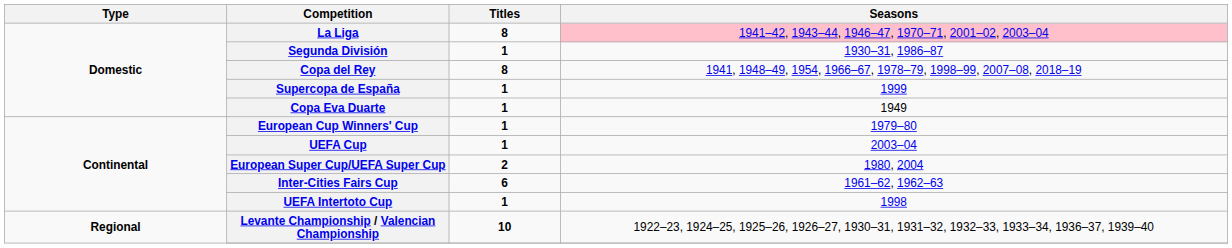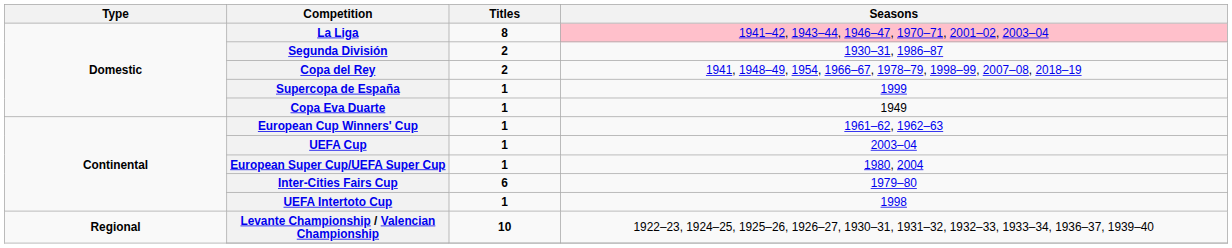 <table class="wikitable plainrowheaders" style="font-size:95%; text-align:center;">
 <tr>
 <th style="width: 10%;">Type</th>
 <th style="width: 10%;">Competition</th>
 <th style="width: 5%;">Titles</th>
 <th style="width: 30%;">Seasons</th>
 </tr>
 <tr>
 <td rowspan="5"><strong>Domestic</strong></td>
 <th scope=col><a href='#'>La Liga</a></th>
 <td scope=col style="background-"><strong>8</strong></td>
 <td style="background: pink;"><a href='#'>1941–42</a>, <a href='#'>1943–44</a>, <a href='#'>1946–47</a>, <a href='#'>1970–71</a>, <a href='#'>2001–02</a>, <a href='#'>2003–04</a></td>
 </tr>
 <tr>
 <th scope=col><a href='#'>Segunda División</a></th>
-<td><strong>1</strong></td>
+<td><strong>2</strong></td>
 <td><a href='#'>1930–31</a>, <a href='#'>1986–87</a></td>
 </tr>
 <tr>
 <th scope=col><a href='#'>Copa del Rey</a></th>
-<td><strong>8</strong></td>
+<td><strong>2</strong></td>
 <td><a href='#'>1941</a>, <a href='#'>1948–49</a>, <a href='#'>1954</a>, <a href='#'>1966–67</a>, <a href='#'>1978–79</a>, <a href='#'>1998–99</a>, <a href='#'>2007–08</a>, <a href='#'>2018–19</a></td>
 </tr>
 <tr>
 <th scope=col><a href='#'>Supercopa de España</a></th>
 <td><strong>1</strong></td>
 <td><a href='#'>1999</a></td>
 </tr>
 <tr>
 <th scope=col><a href='#'>Copa Eva Duarte</a></th>
 <td><strong>1</strong></td>
 <td>1949</td>
 </tr>
 <tr>
 <td rowspan="5"><strong>Continental</strong></td>
 <th scope=col><a href='#'>European Cup Winners' Cup</a></th>
 <td><strong>1</strong></td>
-<td><a href='#'>1979–80</a></td>
+<td><a href='#'>1961–62</a>, <a href='#'>1962–63</a></td>
 </tr>
 <tr>
 <th scope=col><a href='#'>UEFA Cup</a></th>
 <td><strong>1</strong></td>
 <td><a href='#'>2003–04</a></td>
 </tr>
 <tr>
 <th scope=col><a href='#'>European Super Cup/UEFA Super Cup</a></th>
-<td><strong>2</strong></td>
+<td><strong>1</strong></td>
 <td><a href='#'>1980</a>, <a href='#'>2004</a></td>
 </tr>
 <tr>
 <th scope="col"><a href='#'>Inter-Cities Fairs Cup</a></th>
 <td><strong>6</strong></td>
-<td><a href='#'>1961–62</a>, <a href='#'>1962–63</a></td>
+<td><a href='#'>1979–80</a></td>
 </tr>
 <tr>
 <th scope=col><a href='#'>UEFA Intertoto Cup</a></th>
 <td><strong>1</strong></td>
 <td><a href='#'>1998</a></td>
 </tr>
 <tr>
 <td rowspan="2"><strong>Regional</strong></td>
 <th scope=col><a href='#'>Levante Championship</a> / <a href='#'>Valencian Championship</a></th>
 <td><strong>10</strong></td>
 <td>1922–23, 1924–25, 1925–26, 1926–27, 1930–31, 1931–32, 1932–33, 1933–34, 1936–37, 1939–40</td>
 </tr>
 <tr>
 </tr>
 </table>
